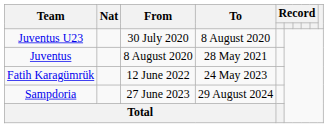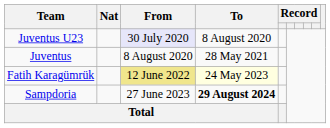 <table class="wikitable" style="text-align:center">
 <tr>
 <th rowspan="2">Team</th>
 <th rowspan="2">Nat</th>
 <th rowspan="2">From</th>
 <th rowspan="2">To</th>
 <th colspan="5">Record</th>
 <th rowspan="2"></th>
 </tr>
 <tr>
 <th></th>
 <th></th>
 <th></th>
 <th></th>
 <th></th>
 </tr>
 <tr>
 <td><a href='#'>Juventus U23</a></td>
 <td></td>
-<td>30 July 2020</td>
+<td style="background: lavender;">30 July 2020</td>
 <td>8 August 2020<br></td>
 <td></td>
 </tr>
 <tr>
 <td><a href='#'>Juventus</a></td>
 <td></td>
 <td>8 August 2020</td>
 <td>28 May 2021<br></td>
 <td></td>
 </tr>
 <tr>
 <td><a href='#'>Fatih Karagümrük</a></td>
 <td></td>
-<td>12 June 2022</td>
-<td>24 May 2023<br></td>
+<td style="background: khaki;">12 June 2022</td>
+<td style="background: lightyellow;">24 May 2023<br></td>
 <td></td>
 </tr>
 <tr>
 <td><a href='#'>Sampdoria</a></td>
 <td></td>
 <td>27 June 2023</td>
-<td>29 August 2024<br></td>
+<td><strong>29 August 2024<br></strong></td>
 <td></td>
 </tr>
 <tr>
 <th colspan="4">Total<br></th>
 <th></th>
 </tr>
 </table>
